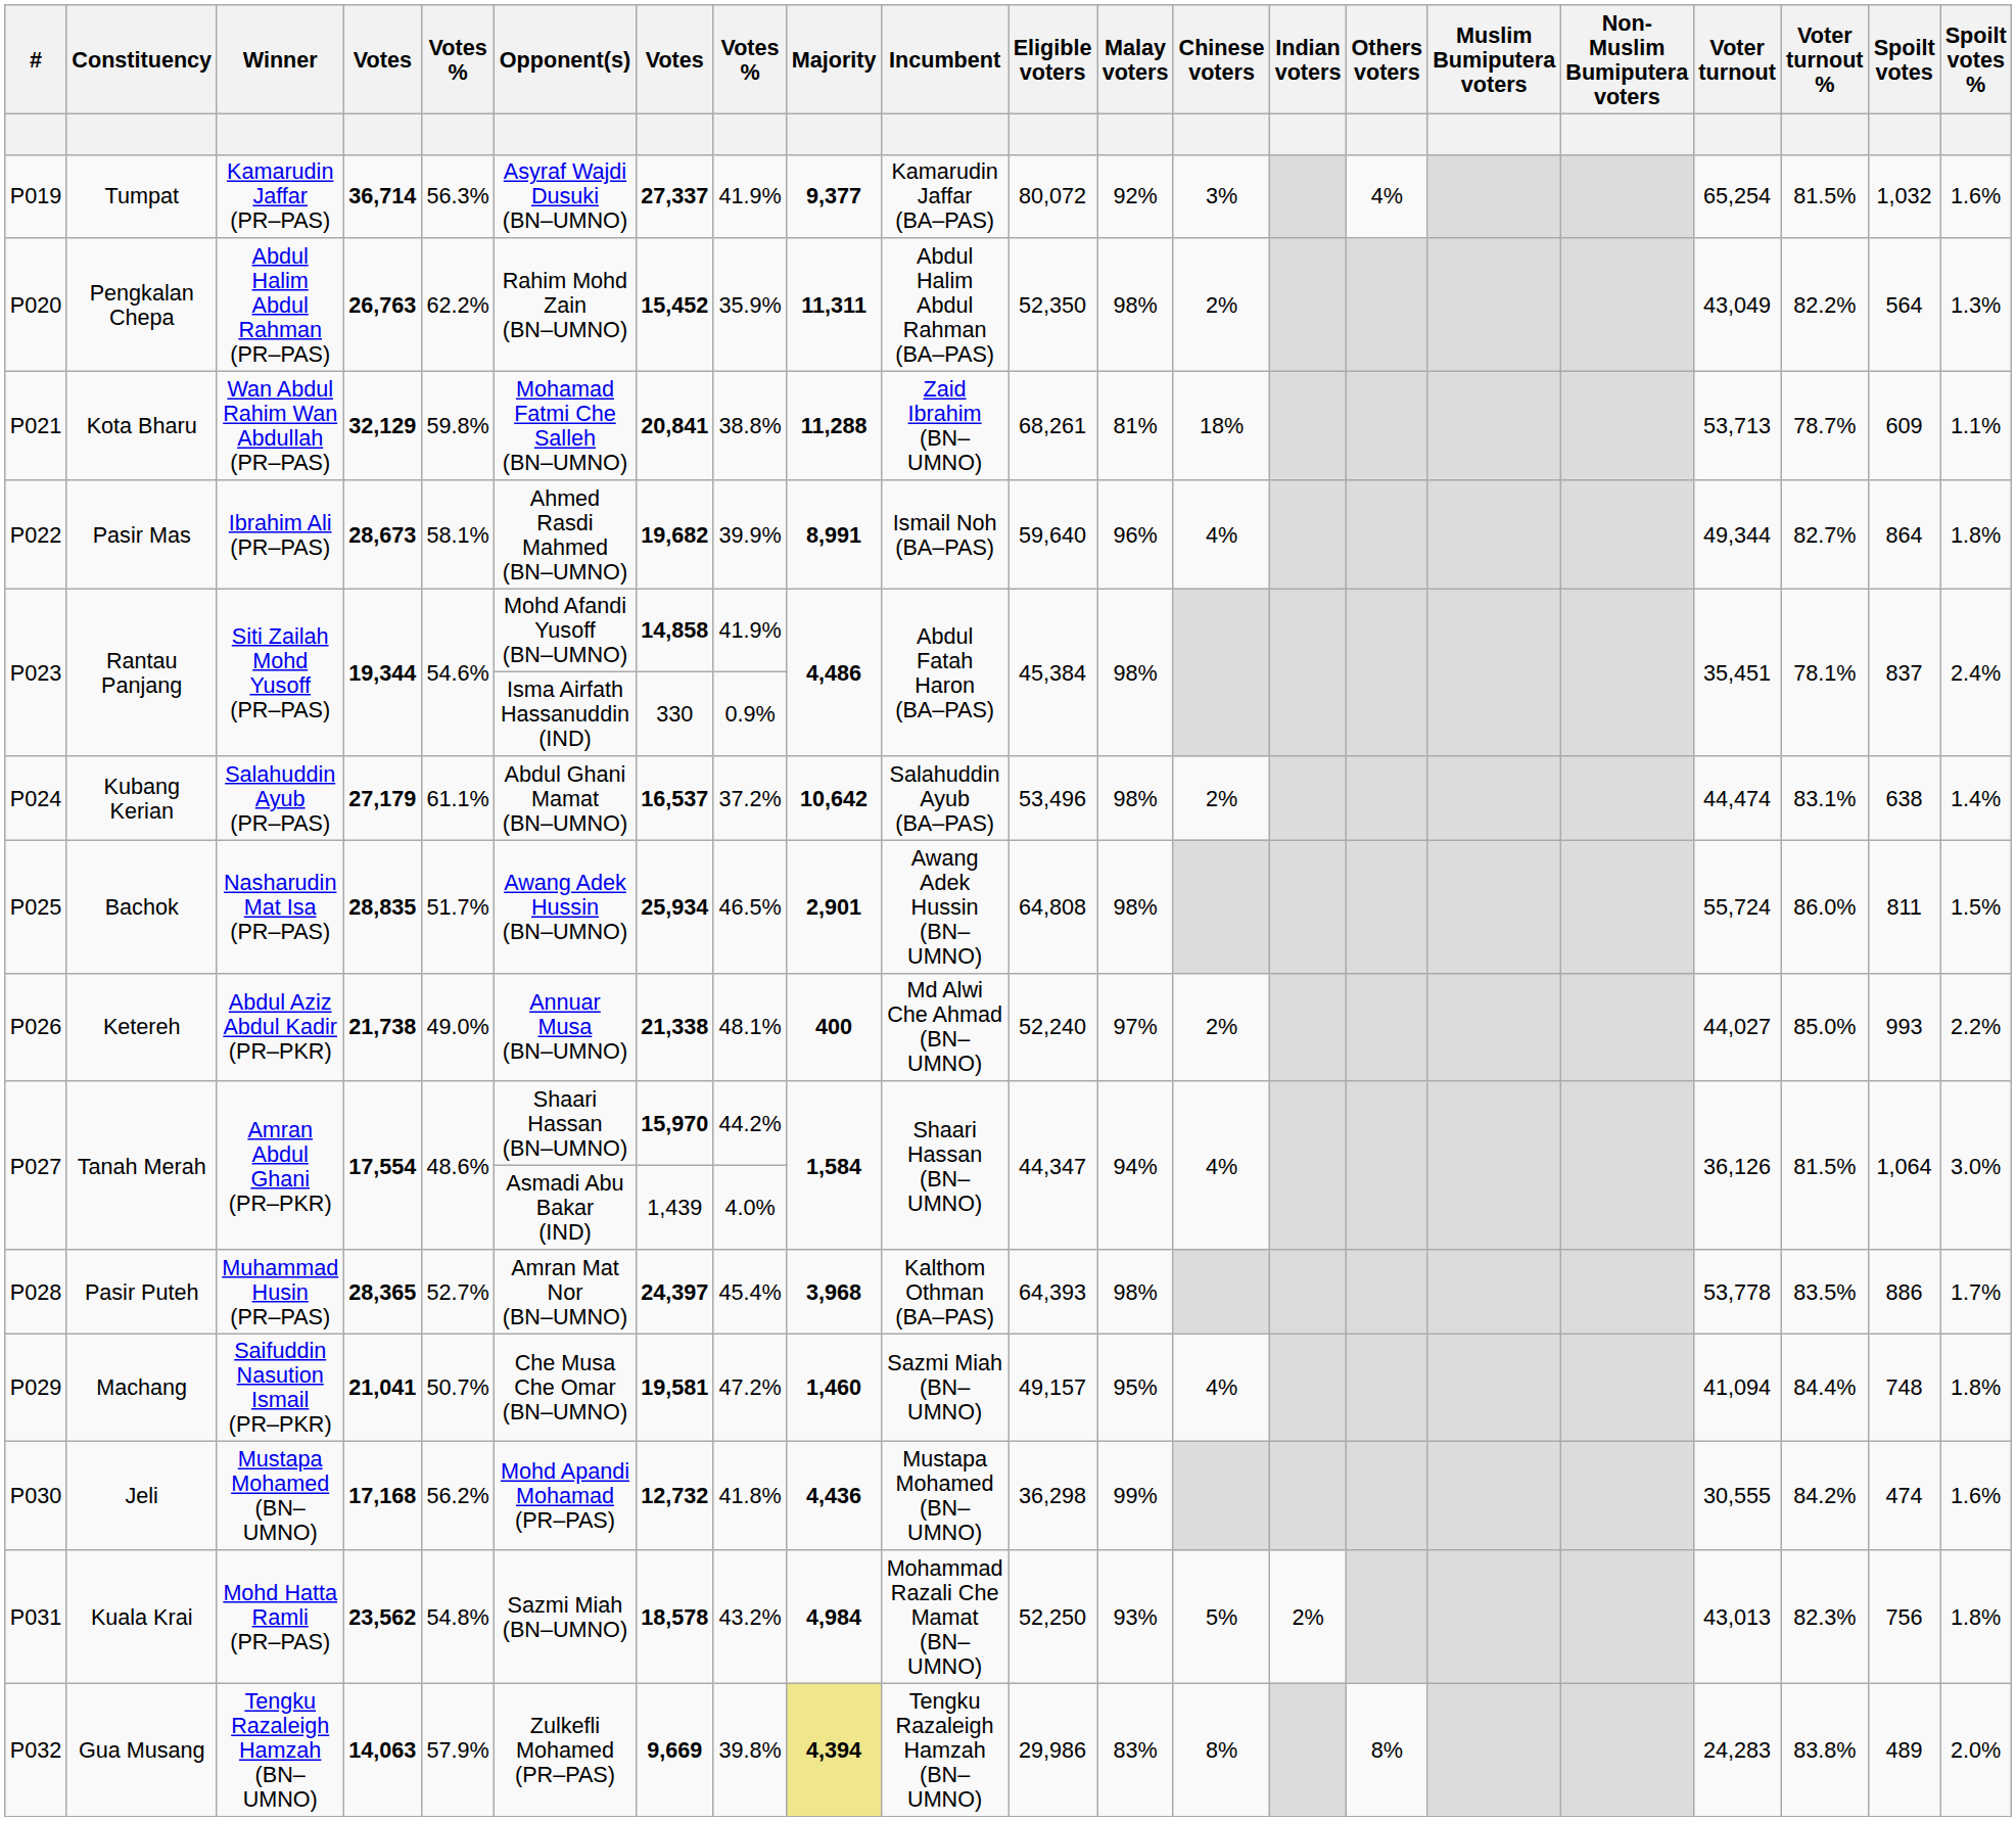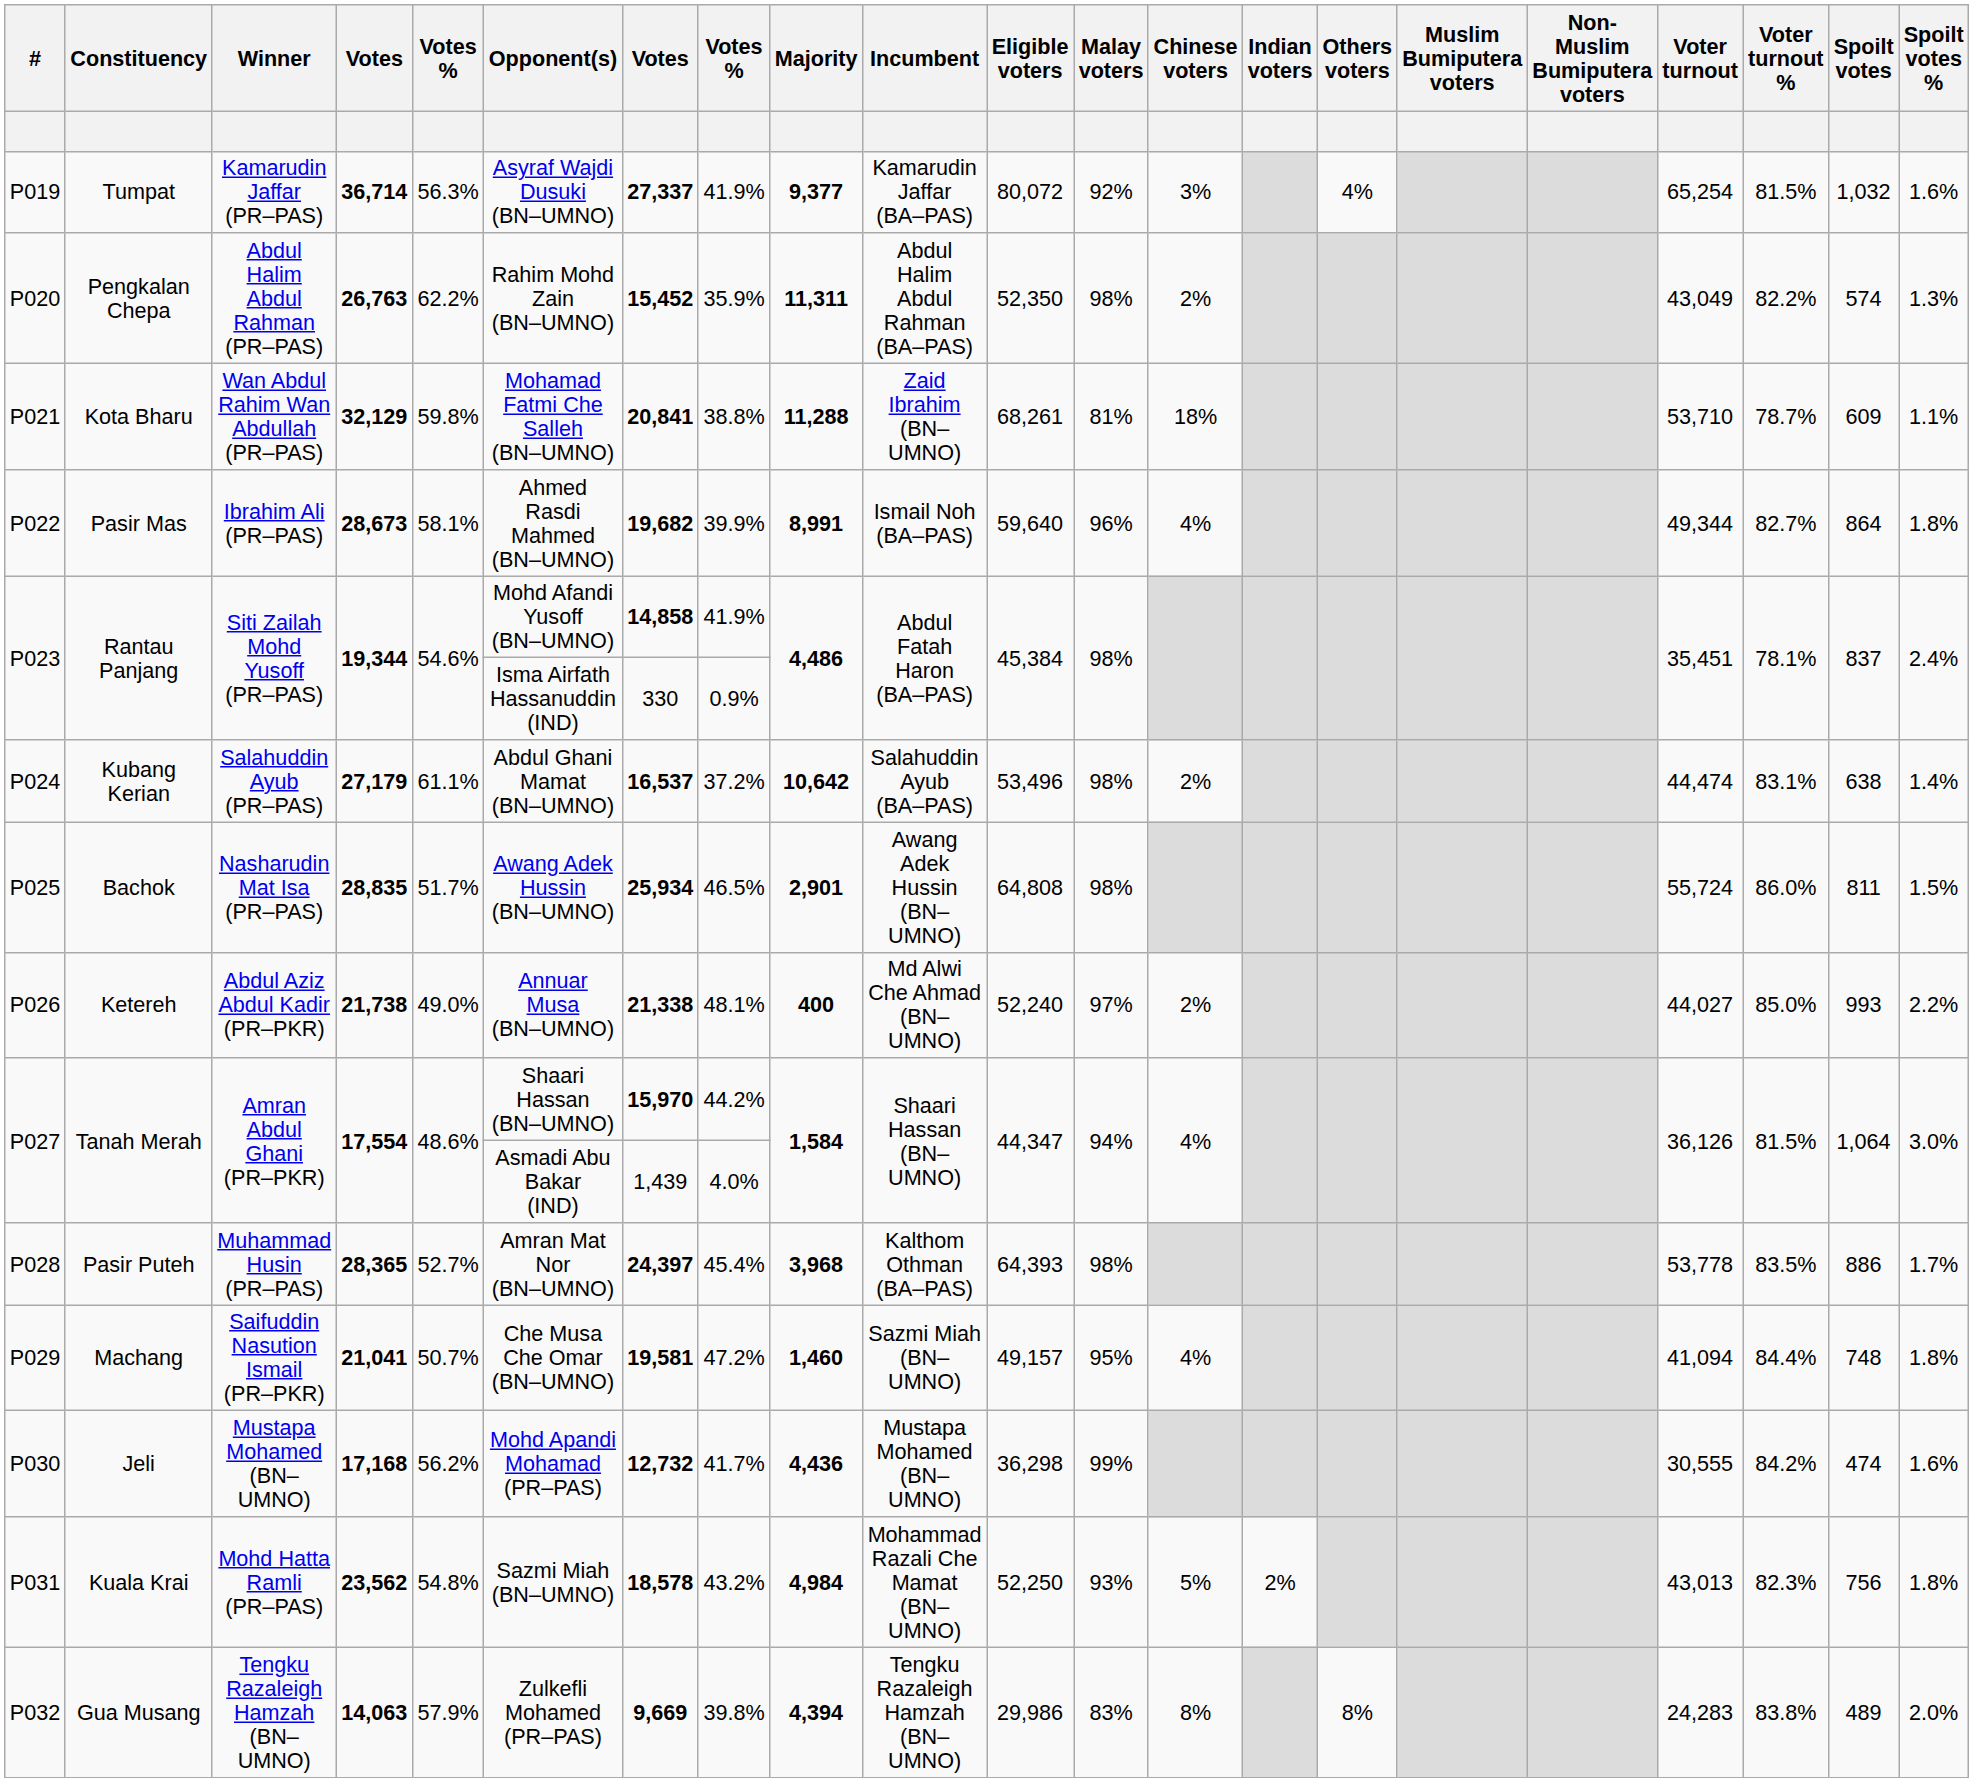 <table class="wikitable sortable" style="text-align:center; font-size:90%">
 <tr>
 <th width="30">#</th>
 <th width="60">Constituency</th>
 <th width="150">Winner</th>
 <th width="50">Votes</th>
 <th width="50">Votes %</th>
 <th width="150">Opponent(s)</th>
 <th width="50">Votes</th>
 <th width="50">Votes %</th>
 <th width="50">Majority</th>
 <th width="150">Incumbent</th>
 <th width="50">Eligible voters</th>
 <th width="50">Malay voters</th>
 <th width="50">Chinese voters</th>
 <th width="50">Indian voters</th>
 <th width="50">Others voters</th>
 <th width="50">Muslim Bumiputera voters</th>
 <th width="50">Non-Muslim Bumiputera voters</th>
 <th width="50">Voter turnout</th>
 <th width="50">Voter turnout %</th>
 <th width="50">Spoilt votes</th>
 <th width="50">Spoilt votes %</th>
 </tr>
 <tr>
 <th height="20"></th>
 <th></th>
 <th></th>
 <th></th>
 <th></th>
 <th></th>
 <th></th>
 <th></th>
 <th></th>
 <th></th>
 <th></th>
 <th></th>
 <th></th>
 <th></th>
 <th></th>
 <th></th>
 <th></th>
 <th></th>
 <th></th>
 <th></th>
 <th></th>
 </tr>
 <tr>
 <td>P019</td>
 <td>Tumpat</td>
 <td><a href='#'>Kamarudin Jaffar</a><br>(PR–PAS)</td>
 <td><strong>36,714</strong></td>
 <td>56.3%</td>
 <td><a href='#'>Asyraf Wajdi Dusuki</a><br>(BN–UMNO)</td>
 <td><strong>27,337</strong></td>
 <td>41.9%</td>
 <td><strong>9,377</strong></td>
 <td>Kamarudin Jaffar<br>(BA–PAS)</td>
 <td>80,072</td>
 <td>92%</td>
 <td>3%</td>
 <td bgcolor="dcdcdc"></td>
 <td>4%</td>
 <td bgcolor="dcdcdc"></td>
 <td bgcolor="dcdcdc"></td>
 <td>65,254</td>
 <td>81.5%</td>
 <td>1,032</td>
 <td>1.6%</td>
 </tr>
 <tr>
 <td>P020</td>
 <td>Pengkalan Chepa</td>
 <td><a href='#'>Abdul Halim Abdul Rahman</a><br>(PR–PAS)</td>
 <td><strong>26,763</strong></td>
 <td>62.2%</td>
 <td>Rahim Mohd Zain<br>(BN–UMNO)</td>
 <td><strong>15,452</strong></td>
 <td>35.9%</td>
 <td><strong>11,311</strong></td>
 <td>Abdul Halim Abdul Rahman<br>(BA–PAS)</td>
 <td>52,350</td>
 <td>98%</td>
 <td>2%</td>
 <td bgcolor="dcdcdc"></td>
 <td bgcolor="dcdcdc"></td>
 <td bgcolor="dcdcdc"></td>
 <td bgcolor="dcdcdc"></td>
 <td>43,049</td>
 <td>82.2%</td>
-<td>564</td>
+<td>574</td>
 <td>1.3%</td>
 </tr>
 <tr>
 <td>P021</td>
 <td>Kota Bharu</td>
 <td><a href='#'>Wan Abdul Rahim Wan Abdullah</a><br>(PR–PAS)</td>
 <td><strong>32,129</strong></td>
 <td>59.8%</td>
 <td><a href='#'>Mohamad Fatmi Che Salleh</a><br>(BN–UMNO)</td>
 <td><strong>20,841</strong></td>
 <td>38.8%</td>
 <td><strong>11,288</strong></td>
 <td><a href='#'>Zaid Ibrahim</a><br>(BN–UMNO)</td>
 <td>68,261</td>
 <td>81%</td>
 <td>18%</td>
 <td bgcolor="dcdcdc"></td>
 <td bgcolor="dcdcdc"></td>
 <td bgcolor="dcdcdc"></td>
 <td bgcolor="dcdcdc"></td>
-<td>53,713</td>
+<td>53,710</td>
 <td>78.7%</td>
 <td>609</td>
 <td>1.1%</td>
 </tr>
 <tr>
 <td>P022</td>
 <td>Pasir Mas</td>
 <td><a href='#'>Ibrahim Ali</a><br>(PR–PAS)</td>
 <td><strong>28,673</strong></td>
 <td>58.1%</td>
 <td>Ahmed Rasdi Mahmed<br>(BN–UMNO)</td>
 <td><strong>19,682</strong></td>
 <td>39.9%</td>
 <td><strong>8,991</strong></td>
 <td>Ismail Noh<br>(BA–PAS)</td>
 <td>59,640</td>
 <td>96%</td>
 <td>4%</td>
 <td bgcolor="dcdcdc"></td>
 <td bgcolor="dcdcdc"></td>
 <td bgcolor="dcdcdc"></td>
 <td bgcolor="dcdcdc"></td>
 <td>49,344</td>
 <td>82.7%</td>
 <td>864</td>
 <td>1.8%</td>
 </tr>
 <tr>
 <td rowspan="2">P023</td>
 <td rowspan="2">Rantau Panjang</td>
 <td rowspan="2"><a href='#'>Siti Zailah Mohd Yusoff</a><br>(PR–PAS)</td>
 <td rowspan="2"><strong>19,344</strong></td>
 <td rowspan="2">54.6%</td>
 <td>Mohd Afandi Yusoff<br>(BN–UMNO)</td>
 <td><strong>14,858</strong></td>
 <td>41.9%</td>
 <td rowspan="2"><strong>4,486</strong></td>
 <td rowspan="2">Abdul Fatah Haron<br>(BA–PAS)</td>
 <td rowspan="2">45,384</td>
 <td rowspan="2">98%</td>
 <td rowspan="2" bgcolor="dcdcdc"></td>
 <td rowspan="2" bgcolor="dcdcdc"></td>
 <td rowspan="2" bgcolor="dcdcdc"></td>
 <td rowspan="2" bgcolor="dcdcdc"></td>
 <td rowspan="2" bgcolor="dcdcdc"></td>
 <td rowspan="2">35,451</td>
 <td rowspan="2">78.1%</td>
 <td rowspan="2">837</td>
 <td rowspan="2">2.4%</td>
 </tr>
 <tr>
 <td>Isma Airfath Hassanuddin<br>(IND)</td>
 <td>330</td>
 <td>0.9%</td>
 </tr>
 <tr>
 <td>P024</td>
 <td>Kubang Kerian</td>
 <td><a href='#'>Salahuddin Ayub</a><br>(PR–PAS)</td>
 <td><strong>27,179</strong></td>
 <td>61.1%</td>
 <td>Abdul Ghani Mamat<br>(BN–UMNO)</td>
 <td><strong>16,537</strong></td>
 <td>37.2%</td>
 <td><strong>10,642</strong></td>
 <td>Salahuddin Ayub<br>(BA–PAS)</td>
 <td>53,496</td>
 <td>98%</td>
 <td>2%</td>
 <td bgcolor="dcdcdc"></td>
 <td bgcolor="dcdcdc"></td>
 <td bgcolor="dcdcdc"></td>
 <td bgcolor="dcdcdc"></td>
 <td>44,474</td>
 <td>83.1%</td>
 <td>638</td>
 <td>1.4%</td>
 </tr>
 <tr>
 <td>P025</td>
 <td>Bachok</td>
 <td><a href='#'>Nasharudin Mat Isa</a><br>(PR–PAS)</td>
 <td><strong>28,835</strong></td>
 <td>51.7%</td>
 <td><a href='#'>Awang Adek Hussin</a><br>(BN–UMNO)</td>
 <td><strong>25,934</strong></td>
 <td>46.5%</td>
 <td><strong>2,901</strong></td>
 <td>Awang Adek Hussin<br>(BN–UMNO)</td>
 <td>64,808</td>
 <td>98%</td>
 <td bgcolor="dcdcdc"></td>
 <td bgcolor="dcdcdc"></td>
 <td bgcolor="dcdcdc"></td>
 <td bgcolor="dcdcdc"></td>
 <td bgcolor="dcdcdc"></td>
 <td>55,724</td>
 <td>86.0%</td>
 <td>811</td>
 <td>1.5%</td>
 </tr>
 <tr>
 <td>P026</td>
 <td>Ketereh</td>
 <td><a href='#'>Abdul Aziz Abdul Kadir</a><br>(PR–PKR)</td>
 <td><strong>21,738</strong></td>
 <td>49.0%</td>
 <td><a href='#'>Annuar Musa</a><br>(BN–UMNO)</td>
 <td><strong>21,338</strong></td>
 <td>48.1%</td>
 <td><strong>400</strong></td>
 <td>Md Alwi Che Ahmad<br>(BN–UMNO)</td>
 <td>52,240</td>
 <td>97%</td>
 <td>2%</td>
 <td bgcolor="dcdcdc"></td>
 <td bgcolor="dcdcdc"></td>
 <td bgcolor="dcdcdc"></td>
 <td bgcolor="dcdcdc"></td>
 <td>44,027</td>
 <td>85.0%</td>
 <td>993</td>
 <td>2.2%</td>
 </tr>
 <tr>
 <td rowspan="2">P027</td>
 <td rowspan="2">Tanah Merah</td>
 <td rowspan="2"><a href='#'>Amran Abdul Ghani</a><br>(PR–PKR)</td>
 <td rowspan="2"><strong>17,554</strong></td>
 <td rowspan="2">48.6%</td>
 <td>Shaari Hassan<br>(BN–UMNO)</td>
 <td><strong>15,970</strong></td>
 <td>44.2%</td>
 <td rowspan="2"><strong>1,584</strong></td>
 <td rowspan="2">Shaari Hassan<br>(BN–UMNO)</td>
 <td rowspan="2">44,347</td>
 <td rowspan="2">94%</td>
 <td rowspan="2">4%</td>
 <td rowspan="2" bgcolor="dcdcdc"></td>
 <td rowspan="2" bgcolor="dcdcdc"></td>
 <td rowspan="2" bgcolor="dcdcdc"></td>
 <td rowspan="2" bgcolor="dcdcdc"></td>
 <td rowspan="2">36,126</td>
 <td rowspan="2">81.5%</td>
 <td rowspan="2">1,064</td>
 <td rowspan="2">3.0%</td>
 </tr>
 <tr>
 <td>Asmadi Abu Bakar<br>(IND)</td>
 <td>1,439</td>
 <td>4.0%</td>
 </tr>
 <tr>
 <td>P028</td>
 <td>Pasir Puteh</td>
 <td><a href='#'>Muhammad Husin</a><br>(PR–PAS)</td>
 <td><strong>28,365</strong></td>
 <td>52.7%</td>
 <td>Amran Mat Nor<br>(BN–UMNO)</td>
 <td><strong>24,397</strong></td>
 <td>45.4%</td>
 <td><strong>3,968</strong></td>
 <td>Kalthom Othman<br>(BA–PAS)</td>
 <td>64,393</td>
 <td>98%</td>
 <td bgcolor="dcdcdc"></td>
 <td bgcolor="dcdcdc"></td>
 <td bgcolor="dcdcdc"></td>
 <td bgcolor="dcdcdc"></td>
 <td bgcolor="dcdcdc"></td>
 <td>53,778</td>
 <td>83.5%</td>
 <td>886</td>
 <td>1.7%</td>
 </tr>
 <tr>
 <td>P029</td>
 <td>Machang</td>
 <td><a href='#'>Saifuddin Nasution Ismail</a><br>(PR–PKR)</td>
 <td><strong>21,041</strong></td>
 <td>50.7%</td>
 <td>Che Musa Che Omar<br>(BN–UMNO)</td>
 <td><strong>19,581</strong></td>
 <td>47.2%</td>
 <td><strong>1,460</strong></td>
 <td>Sazmi Miah<br>(BN–UMNO)</td>
 <td>49,157</td>
 <td>95%</td>
 <td>4%</td>
 <td bgcolor="dcdcdc"></td>
 <td bgcolor="dcdcdc"></td>
 <td bgcolor="dcdcdc"></td>
 <td bgcolor="dcdcdc"></td>
 <td>41,094</td>
 <td>84.4%</td>
 <td>748</td>
 <td>1.8%</td>
 </tr>
 <tr>
 <td>P030</td>
 <td>Jeli</td>
 <td><a href='#'>Mustapa Mohamed</a><br>(BN–UMNO)</td>
 <td><strong>17,168</strong></td>
 <td>56.2%</td>
 <td><a href='#'>Mohd Apandi Mohamad</a><br>(PR–PAS)</td>
 <td><strong>12,732</strong></td>
-<td>41.8%</td>
+<td>41.7%</td>
 <td><strong>4,436</strong></td>
 <td>Mustapa Mohamed<br>(BN–UMNO)</td>
 <td>36,298</td>
 <td>99%</td>
 <td bgcolor="dcdcdc"></td>
 <td bgcolor="dcdcdc"></td>
 <td bgcolor="dcdcdc"></td>
 <td bgcolor="dcdcdc"></td>
 <td bgcolor="dcdcdc"></td>
 <td>30,555</td>
 <td>84.2%</td>
 <td>474</td>
 <td>1.6%</td>
 </tr>
 <tr>
 <td>P031</td>
 <td>Kuala Krai</td>
 <td><a href='#'>Mohd Hatta Ramli</a><br>(PR–PAS)</td>
 <td><strong>23,562</strong></td>
 <td>54.8%</td>
 <td>Sazmi Miah<br>(BN–UMNO)</td>
 <td><strong>18,578</strong></td>
 <td>43.2%</td>
 <td><strong>4,984</strong></td>
 <td>Mohammad Razali Che Mamat<br>(BN–UMNO)</td>
 <td>52,250</td>
 <td>93%</td>
 <td>5%</td>
 <td>2%</td>
 <td bgcolor="dcdcdc"></td>
 <td bgcolor="dcdcdc"></td>
 <td bgcolor="dcdcdc"></td>
 <td>43,013</td>
 <td>82.3%</td>
 <td>756</td>
 <td>1.8%</td>
 </tr>
 <tr>
 <td>P032</td>
 <td>Gua Musang</td>
 <td><a href='#'>Tengku Razaleigh Hamzah</a><br>(BN–UMNO)</td>
 <td><strong>14,063</strong></td>
 <td>57.9%</td>
 <td>Zulkefli Mohamed<br>(PR–PAS)</td>
 <td><strong>9,669</strong></td>
 <td>39.8%</td>
-<td style="background: khaki;"><strong>4,394</strong></td>
+<td><strong>4,394</strong></td>
 <td>Tengku Razaleigh Hamzah<br>(BN–UMNO)</td>
 <td>29,986</td>
 <td>83%</td>
 <td>8%</td>
 <td bgcolor="dcdcdc"></td>
 <td>8%</td>
 <td bgcolor="dcdcdc"></td>
 <td bgcolor="dcdcdc"></td>
 <td>24,283</td>
 <td>83.8%</td>
 <td>489</td>
 <td>2.0%</td>
 </tr>
 </table>
